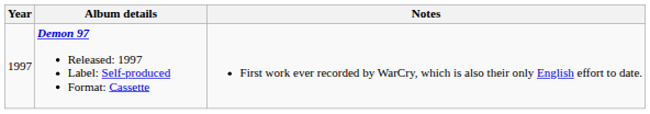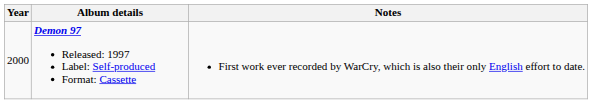 <table class ="wikitable">
 <tr>
 <th>Year</th>
 <th width="220">Album details</th>
 <th>Notes</th>
 </tr>
 <tr>
-<td>1997</td>
+<td>2000</td>
 <td><strong><em><a href='#'>Demon 97</a></em></strong><br><ul><li>Released: 1997</li><li>Label: <a href='#'>Self-produced</a></li><li>Format: <a href='#'>Cassette</a></li></ul></td>
 <td><br><ul><li>First work ever recorded by WarCry, which is also their only <a href='#'>English</a> effort to date.</li></ul></td>
 </tr>
 </table>
